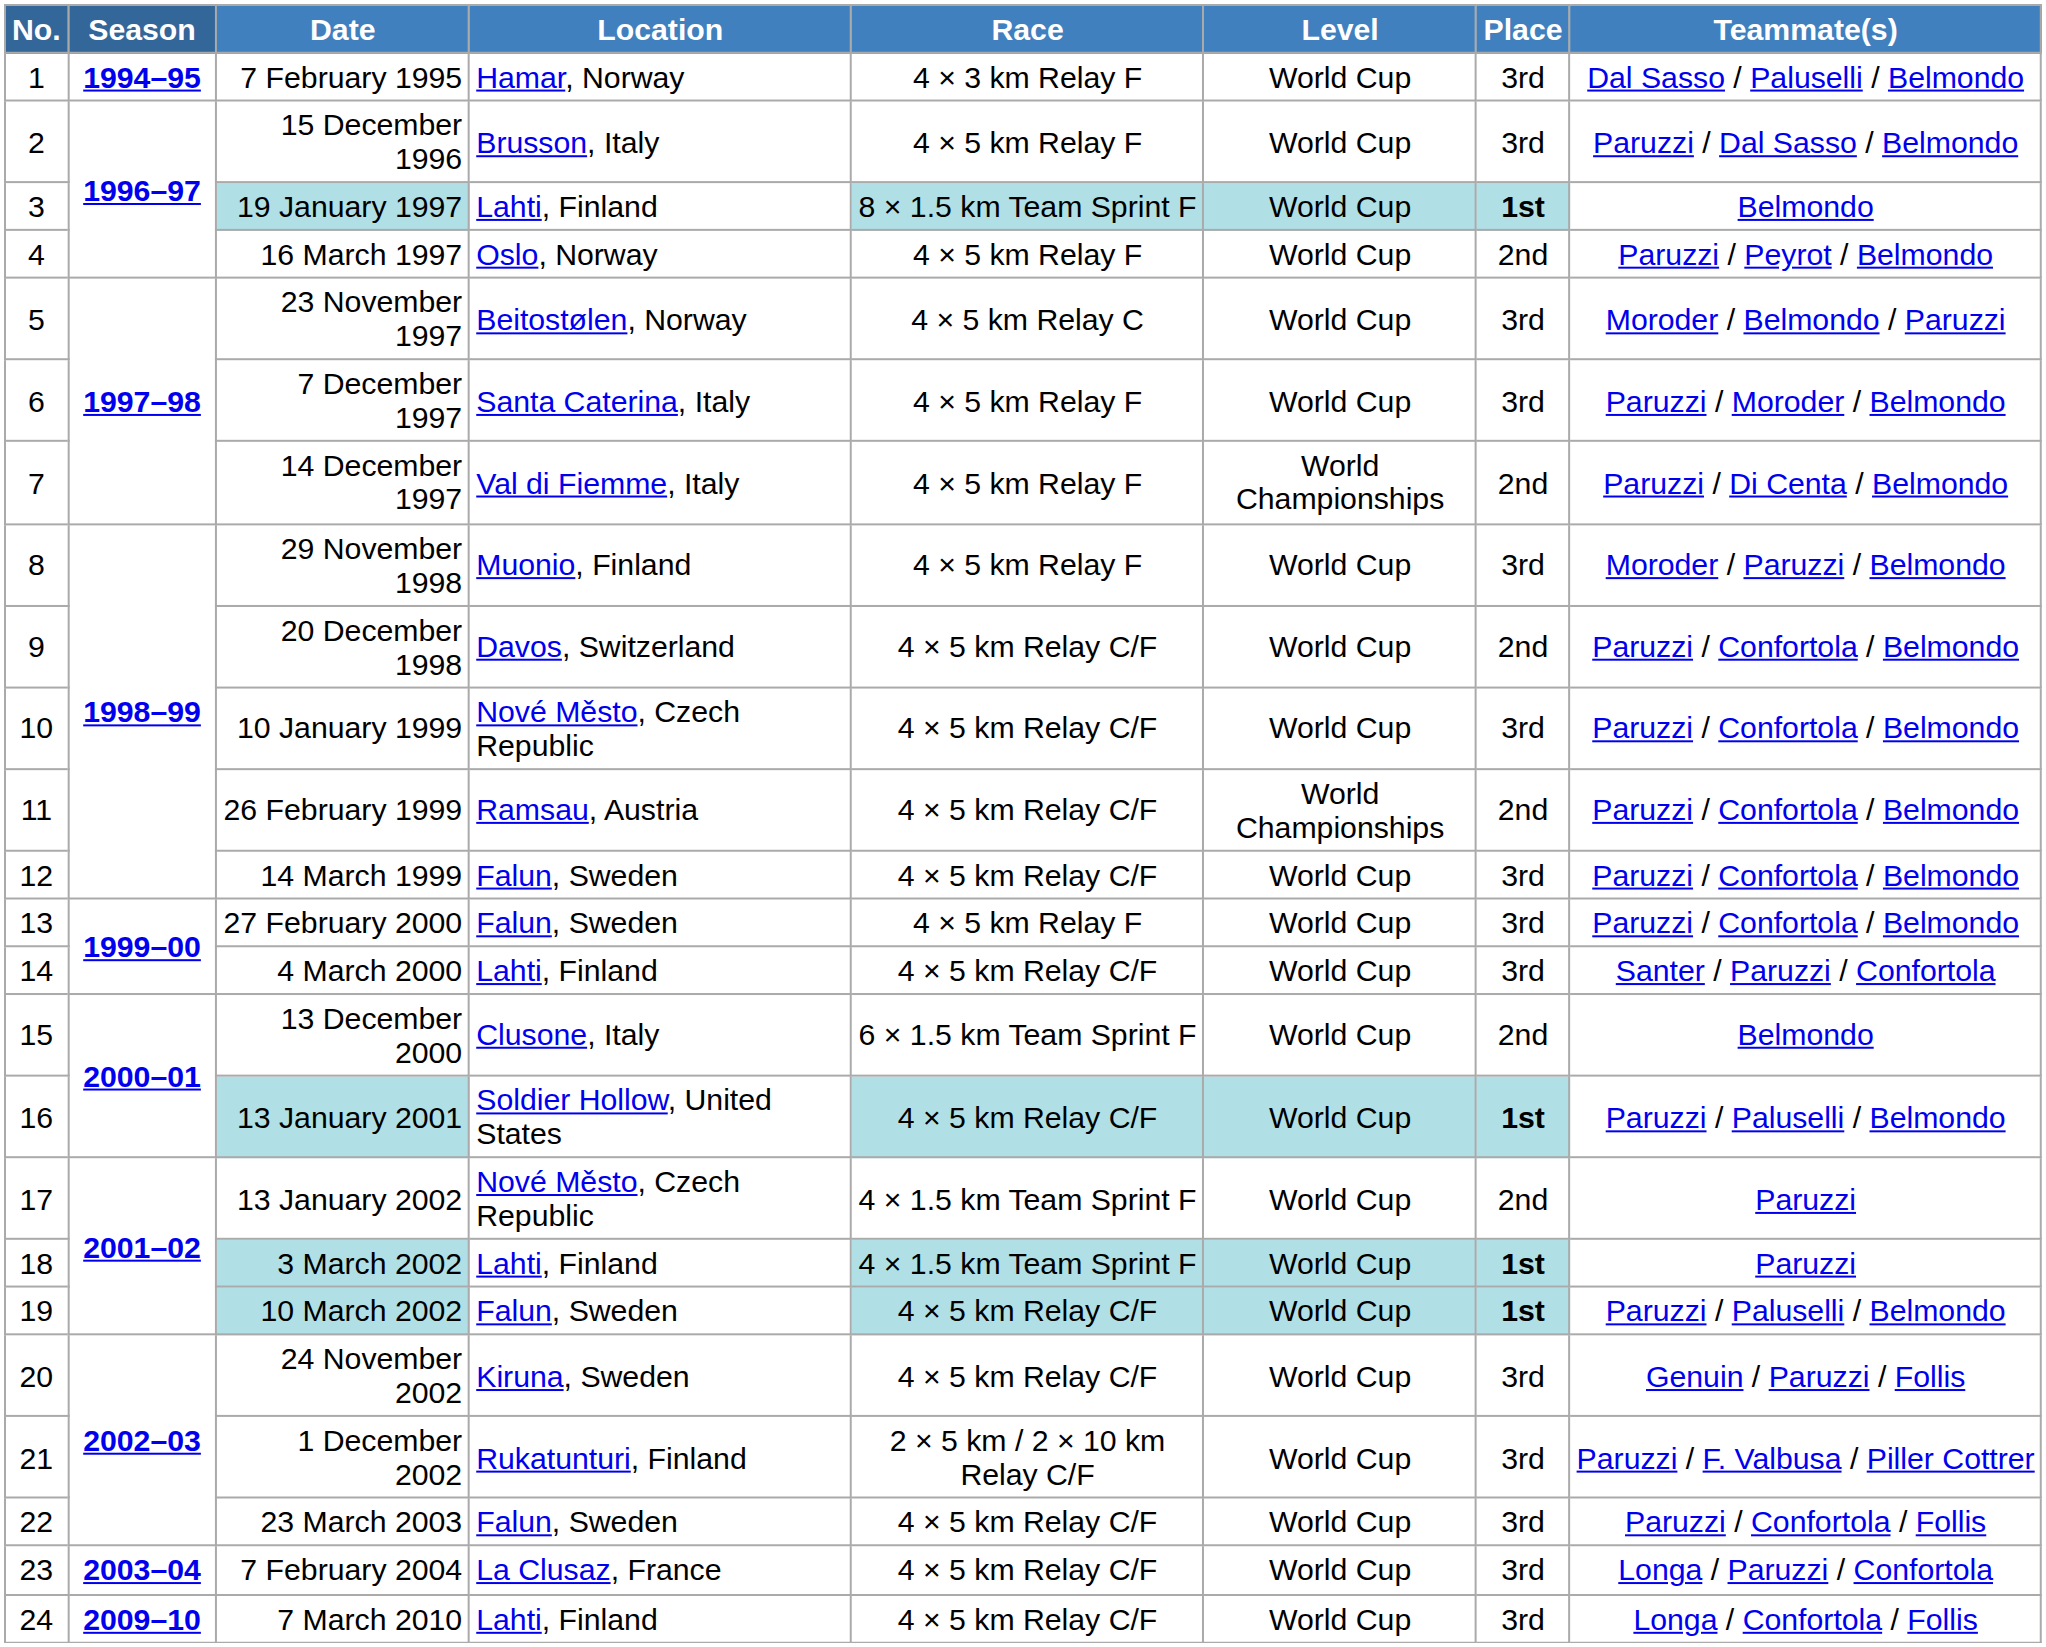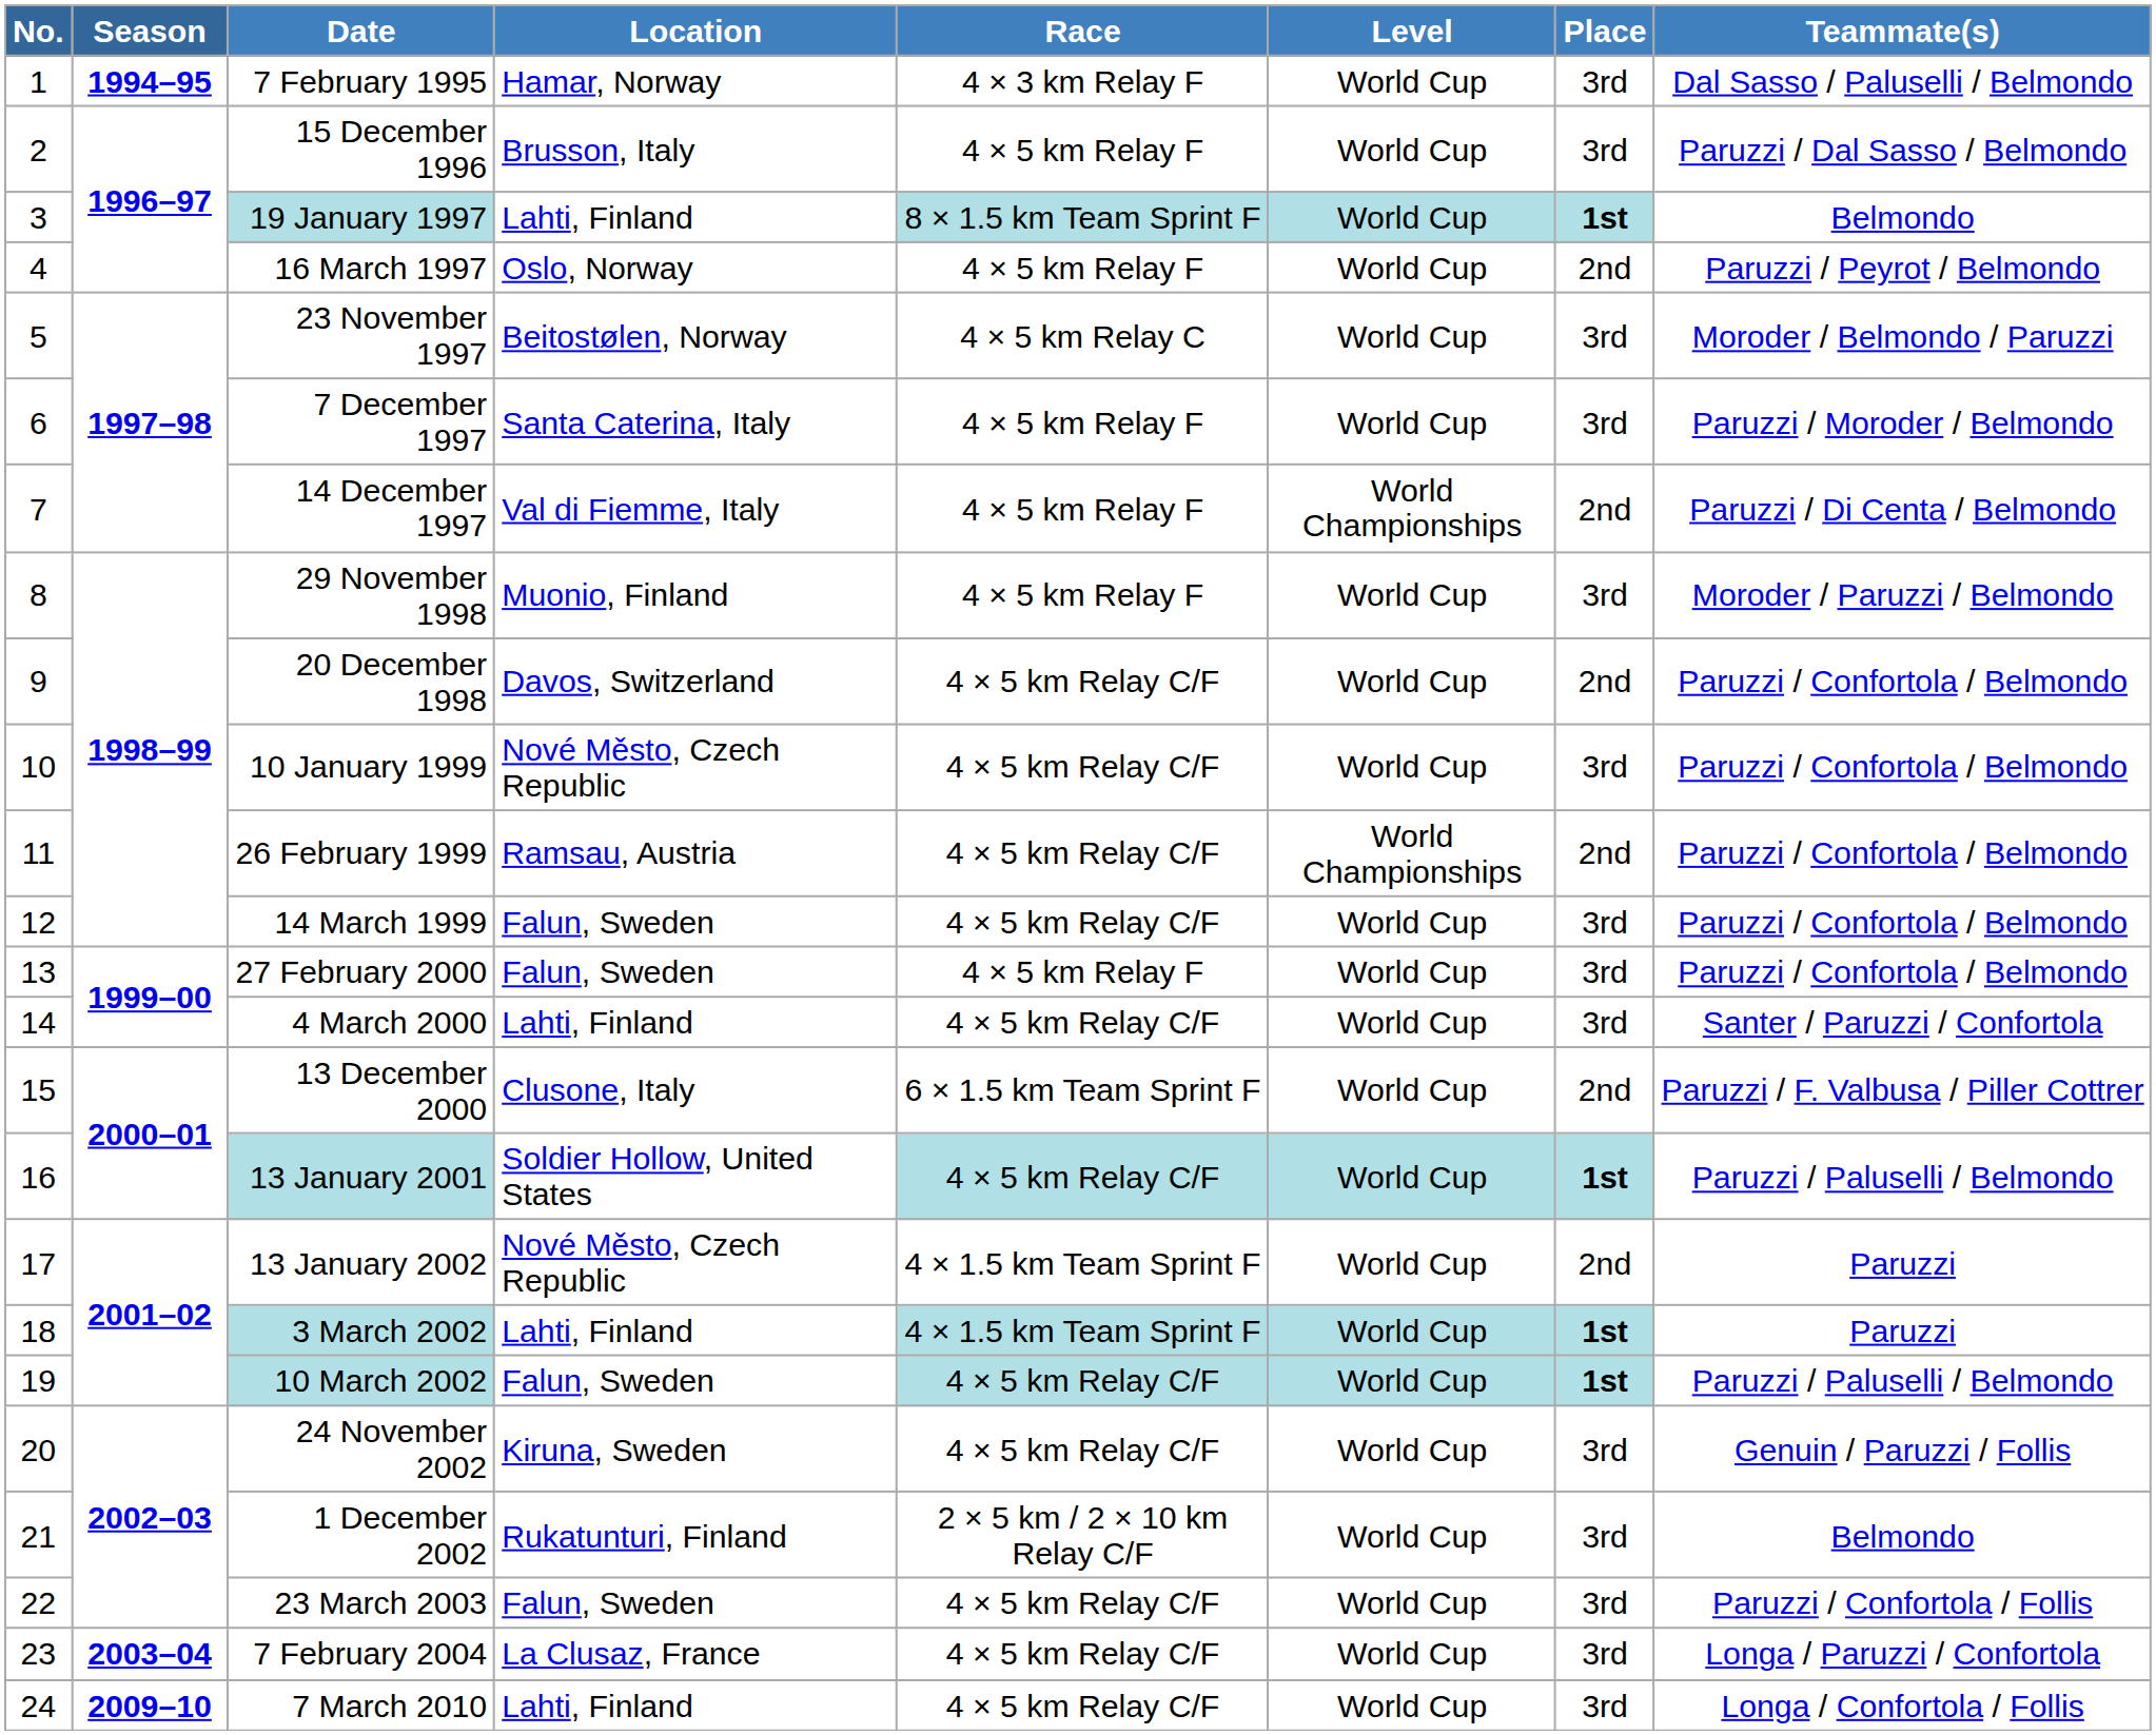 <table class="wikitable sortable" style="font-size:95%; text-align:center; border:grey solid 1px; border-collapse:collapse; background:#ffffff;">
 <tr style="background:#efefef;">
 <th style="background-color:#369; color:white;">No.</th>
 <th style="background-color:#369; color:white;">Season</th>
 <th style="background-color:#4180be; color:white; width:120px;">Date</th>
 <th style="background-color:#4180be; color:white; width:185px;">Location</th>
 <th style="background-color:#4180be; color:white; width:170px;">Race</th>
 <th style="background-color:#4180be; color:white; width:130px;">Level</th>
 <th style="background-color:#4180be; color:white;">Place</th>
 <th style="background-color:#4180be; color:white;">Teammate(s)</th>
 </tr>
 <tr>
 <td align=center>1</td>
 <td rowspan=1 align=center><strong> <a href='#'>1994–95</a> </strong></td>
 <td align=right>7 February 1995</td>
 <td align=left> <a href='#'>Hamar</a>, Norway</td>
 <td>4 × 3 km Relay F</td>
 <td>World Cup</td>
 <td>3rd</td>
 <td><a href='#'>Dal Sasso</a> / <a href='#'>Paluselli</a> / <a href='#'>Belmondo</a></td>
 </tr>
 <tr>
 <td align=center>2</td>
 <td rowspan=3 align=center><strong> <a href='#'>1996–97</a> </strong></td>
 <td align=right>15 December 1996</td>
 <td align=left> <a href='#'>Brusson</a>, Italy</td>
 <td>4 × 5 km Relay F</td>
 <td>World Cup</td>
 <td>3rd</td>
 <td><a href='#'>Paruzzi</a> / <a href='#'>Dal Sasso</a> / <a href='#'>Belmondo</a></td>
 </tr>
 <tr>
 <td align=center>3</td>
 <td bgcolor="#BOEOE6" align=right>19 January 1997</td>
 <td align=left> <a href='#'>Lahti</a>, Finland</td>
 <td bgcolor="#BOEOE6">8 × 1.5 km Team Sprint F</td>
 <td bgcolor="#BOEOE6">World Cup</td>
 <td bgcolor="#BOEOE6"><strong>1st</strong></td>
 <td><a href='#'>Belmondo</a></td>
 </tr>
 <tr>
 <td align=center>4</td>
 <td align=right>16 March 1997</td>
 <td align=left> <a href='#'>Oslo</a>, Norway</td>
 <td>4 × 5 km Relay F</td>
 <td>World Cup</td>
 <td>2nd</td>
 <td><a href='#'>Paruzzi</a> / <a href='#'>Peyrot</a> / <a href='#'>Belmondo</a></td>
 </tr>
 <tr>
 <td align=center>5</td>
 <td rowspan=3 align=center><strong> <a href='#'>1997–98</a> </strong></td>
 <td align=right>23 November 1997</td>
 <td align=left> <a href='#'>Beitostølen</a>, Norway</td>
 <td>4 × 5 km Relay C</td>
 <td>World Cup</td>
 <td>3rd</td>
 <td><a href='#'>Moroder</a> / <a href='#'>Belmondo</a> / <a href='#'>Paruzzi</a></td>
 </tr>
 <tr>
 <td align=center>6</td>
 <td align=right>7 December 1997</td>
 <td align=left> <a href='#'>Santa Caterina</a>, Italy</td>
 <td>4 × 5 km Relay F</td>
 <td>World Cup</td>
 <td>3rd</td>
 <td><a href='#'>Paruzzi</a> / <a href='#'>Moroder</a> / <a href='#'>Belmondo</a></td>
 </tr>
 <tr>
 <td align=center>7</td>
 <td align=right>14 December 1997</td>
 <td align=left> <a href='#'>Val di Fiemme</a>, Italy</td>
 <td>4 × 5 km Relay F</td>
 <td>World Championships</td>
 <td>2nd</td>
 <td><a href='#'>Paruzzi</a> / <a href='#'>Di Centa</a> / <a href='#'>Belmondo</a></td>
 </tr>
 <tr>
 <td align=center>8</td>
 <td rowspan=5 align=center><strong> <a href='#'>1998–99</a> </strong></td>
 <td align=right>29 November 1998</td>
 <td align=left> <a href='#'>Muonio</a>, Finland</td>
 <td>4 × 5 km Relay F</td>
 <td>World Cup</td>
 <td>3rd</td>
 <td><a href='#'>Moroder</a> / <a href='#'>Paruzzi</a> / <a href='#'>Belmondo</a></td>
 </tr>
 <tr>
 <td align=center>9</td>
 <td align=right>20 December 1998</td>
 <td align=left> <a href='#'>Davos</a>, Switzerland</td>
 <td>4 × 5 km Relay C/F</td>
 <td>World Cup</td>
 <td>2nd</td>
 <td><a href='#'>Paruzzi</a> / <a href='#'>Confortola</a> / <a href='#'>Belmondo</a></td>
 </tr>
 <tr>
 <td align=center>10</td>
 <td align=right>10 January 1999</td>
 <td align=left> <a href='#'>Nové Město</a>, Czech Republic</td>
 <td>4 × 5 km Relay C/F</td>
 <td>World Cup</td>
 <td>3rd</td>
 <td><a href='#'>Paruzzi</a> / <a href='#'>Confortola</a> / <a href='#'>Belmondo</a></td>
 </tr>
 <tr>
 <td align=center>11</td>
 <td align=right>26 February 1999</td>
 <td align=left> <a href='#'>Ramsau</a>, Austria</td>
 <td>4 × 5 km Relay C/F</td>
 <td>World Championships</td>
 <td>2nd</td>
 <td><a href='#'>Paruzzi</a> / <a href='#'>Confortola</a> / <a href='#'>Belmondo</a></td>
 </tr>
 <tr>
 <td align=center>12</td>
 <td align=right>14 March 1999</td>
 <td align=left> <a href='#'>Falun</a>, Sweden</td>
 <td>4 × 5 km Relay C/F</td>
 <td>World Cup</td>
 <td>3rd</td>
 <td><a href='#'>Paruzzi</a> / <a href='#'>Confortola</a> / <a href='#'>Belmondo</a></td>
 </tr>
 <tr>
 <td align=center>13</td>
 <td rowspan=2 align=center><strong> <a href='#'>1999–00</a> </strong></td>
 <td align=right>27 February 2000</td>
 <td align=left> <a href='#'>Falun</a>, Sweden</td>
 <td>4 × 5 km Relay F</td>
 <td>World Cup</td>
 <td>3rd</td>
 <td><a href='#'>Paruzzi</a> / <a href='#'>Confortola</a> / <a href='#'>Belmondo</a></td>
 </tr>
 <tr>
 <td align=center>14</td>
 <td align=right>4 March 2000</td>
 <td align=left> <a href='#'>Lahti</a>, Finland</td>
 <td>4 × 5 km Relay C/F</td>
 <td>World Cup</td>
 <td>3rd</td>
 <td><a href='#'>Santer</a> / <a href='#'>Paruzzi</a> / <a href='#'>Confortola</a></td>
 </tr>
 <tr>
 <td align=center>15</td>
 <td rowspan=2 align=center><strong> <a href='#'>2000–01</a> </strong></td>
 <td align=right>13 December 2000</td>
 <td align=left> <a href='#'>Clusone</a>, Italy</td>
 <td>6 × 1.5 km Team Sprint F</td>
 <td>World Cup</td>
 <td>2nd</td>
-<td><a href='#'>Belmondo</a></td>
+<td><a href='#'>Paruzzi</a> / <a href='#'>F. Valbusa</a> / <a href='#'>Piller Cottrer</a></td>
 </tr>
 <tr>
 <td align=center>16</td>
 <td bgcolor="#BOEOE6" align=right>13 January 2001</td>
 <td align=left> <a href='#'>Soldier Hollow</a>, United States</td>
 <td bgcolor="#BOEOE6">4 × 5 km Relay C/F</td>
 <td bgcolor="#BOEOE6">World Cup</td>
 <td bgcolor="#BOEOE6"><strong>1st</strong></td>
 <td><a href='#'>Paruzzi</a> / <a href='#'>Paluselli</a> / <a href='#'>Belmondo</a></td>
 </tr>
 <tr>
 <td align=center>17</td>
 <td rowspan=3 align=center><strong> <a href='#'>2001–02</a> </strong></td>
 <td align=right>13 January 2002</td>
 <td align=left> <a href='#'>Nové Město</a>, Czech Republic</td>
 <td>4 × 1.5 km Team Sprint F</td>
 <td>World Cup</td>
 <td>2nd</td>
 <td><a href='#'>Paruzzi</a></td>
 </tr>
 <tr>
 <td align=center>18</td>
 <td bgcolor="#BOEOE6" align=right>3 March 2002</td>
 <td align=left> <a href='#'>Lahti</a>, Finland</td>
 <td bgcolor="#BOEOE6">4 × 1.5 km Team Sprint F</td>
 <td bgcolor="#BOEOE6">World Cup</td>
 <td bgcolor="#BOEOE6"><strong>1st</strong></td>
 <td><a href='#'>Paruzzi</a></td>
 </tr>
 <tr>
 <td align=center>19</td>
 <td bgcolor="#BOEOE6" align=right>10 March 2002</td>
 <td align=left> <a href='#'>Falun</a>, Sweden</td>
 <td bgcolor="#BOEOE6">4 × 5 km Relay C/F</td>
 <td bgcolor="#BOEOE6">World Cup</td>
 <td bgcolor="#BOEOE6"><strong>1st</strong></td>
 <td><a href='#'>Paruzzi</a> / <a href='#'>Paluselli</a> / <a href='#'>Belmondo</a></td>
 </tr>
 <tr>
 <td align=center>20</td>
 <td rowspan=3 align=center><strong> <a href='#'>2002–03</a> </strong></td>
 <td align=right>24 November 2002</td>
 <td align=left> <a href='#'>Kiruna</a>, Sweden</td>
 <td>4 × 5 km Relay C/F</td>
 <td>World Cup</td>
 <td>3rd</td>
 <td><a href='#'>Genuin</a> / <a href='#'>Paruzzi</a> / <a href='#'>Follis</a></td>
 </tr>
 <tr>
 <td align=center>21</td>
 <td align=right>1 December 2002</td>
 <td align=left> <a href='#'>Rukatunturi</a>, Finland</td>
 <td>2 × 5 km / 2 × 10 km Relay C/F</td>
 <td>World Cup</td>
 <td>3rd</td>
-<td><a href='#'>Paruzzi</a> / <a href='#'>F. Valbusa</a> / <a href='#'>Piller Cottrer</a></td>
+<td><a href='#'>Belmondo</a></td>
 </tr>
 <tr>
 <td align=center>22</td>
 <td align=right>23 March 2003</td>
 <td align=left> <a href='#'>Falun</a>, Sweden</td>
 <td>4 × 5 km Relay C/F</td>
 <td>World Cup</td>
 <td>3rd</td>
 <td><a href='#'>Paruzzi</a> / <a href='#'>Confortola</a> / <a href='#'>Follis</a></td>
 </tr>
 <tr>
 <td align=center>23</td>
 <td rowspan=1 align=center><strong> <a href='#'>2003–04</a> </strong></td>
 <td align=right>7 February 2004</td>
 <td align=left> <a href='#'>La Clusaz</a>, France</td>
 <td>4 × 5 km Relay C/F</td>
 <td>World Cup</td>
 <td>3rd</td>
 <td><a href='#'>Longa</a> / <a href='#'>Paruzzi</a> / <a href='#'>Confortola</a></td>
 </tr>
 <tr>
 <td align=center>24</td>
 <td rowspan=1 align=center><strong> <a href='#'>2009–10</a> </strong></td>
 <td align=right>7 March 2010</td>
 <td align=left> <a href='#'>Lahti</a>, Finland</td>
 <td>4 × 5 km Relay C/F</td>
 <td>World Cup</td>
 <td>3rd</td>
 <td><a href='#'>Longa</a> / <a href='#'>Confortola</a> / <a href='#'>Follis</a></td>
 </tr>
 </table>
